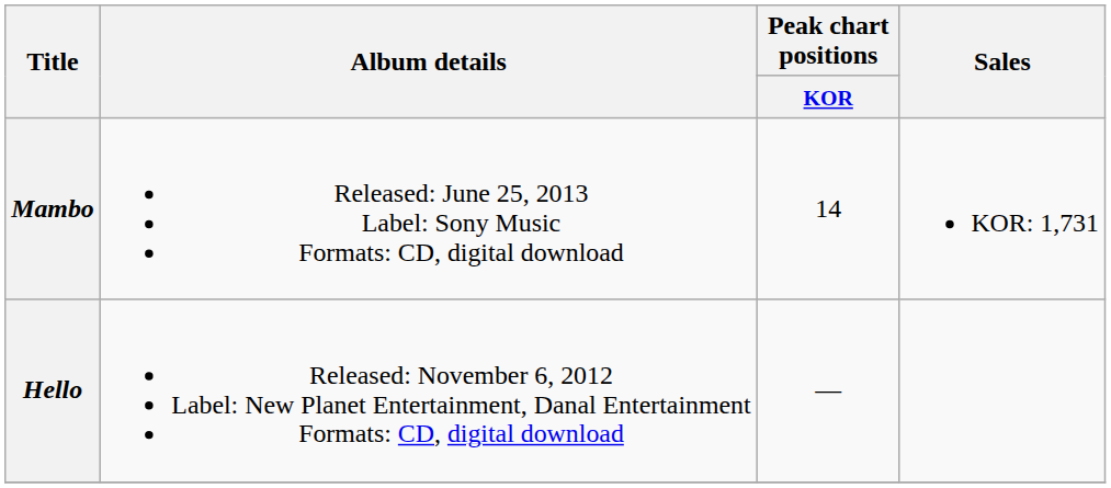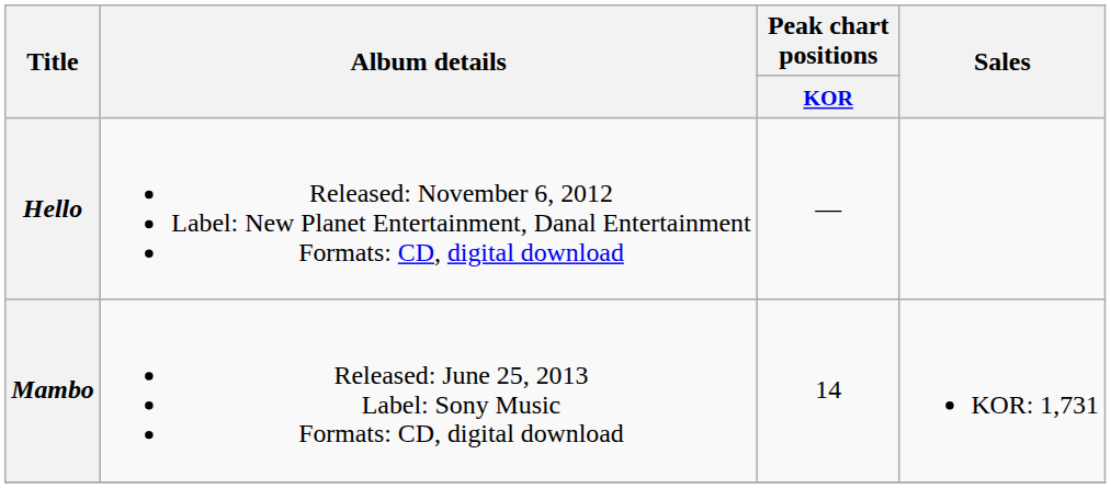 <table class="wikitable plainrowheaders" style="text-align:center;">
 <tr>
 <th scope="col" rowspan="2">Title</th>
 <th scope="col" rowspan="2">Album details</th>
 <th scope="col" colspan="1" style="width:5em;">Peak chart positions</th>
 <th scope="col" rowspan="2">Sales</th>
 </tr>
 <tr>
 <th><small><a href='#'>KOR</a></small><br></th>
 </tr>
 <tr>
+<th scope="row"><em>Hello</em></th>
+<td><br><ul><li>Released: November 6, 2012</li><li>Label: New Planet Entertainment, Danal Entertainment</li><li>Formats: <a href='#'>CD</a>, <a href='#'>digital download</a></li></ul></td>
+<td>—</td>
+<td></td>
+</tr>
+<tr>
 <th scope="row"><em>Mambo</em></th>
 <td><br><ul><li>Released: June 25, 2013</li><li>Label: Sony Music</li><li>Formats: CD, digital download</li></ul></td>
 <td>14</td>
 <td><br><ul><li>KOR: 1,731</li></ul></td>
 </tr>
 <tr>
-<th scope="row"><em>Hello</em></th>
-<td><br><ul><li>Released: November 6, 2012</li><li>Label: New Planet Entertainment, Danal Entertainment</li><li>Formats: <a href='#'>CD</a>, <a href='#'>digital download</a></li></ul></td>
-<td>—</td>
-<td></td>
-</tr>
-<tr>
 </tr>
 </table>
